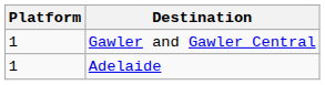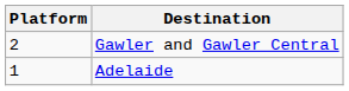 <table class="wikitable">
 <tr>
 <th>Platform</th>
 <th>Destination</th>
 </tr>
 <tr>
-<td style="background:#"><span>1</span></td>
+<td style="background:#"><span>2</span></td>
 <td><a href='#'>Gawler</a> and <a href='#'>Gawler Central</a></td>
 </tr>
 <tr>
 <td style="background:#"><span>1</span></td>
 <td><a href='#'>Adelaide</a></td>
 </tr>
 </table>
